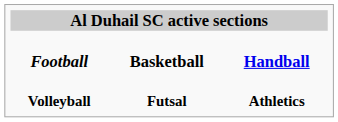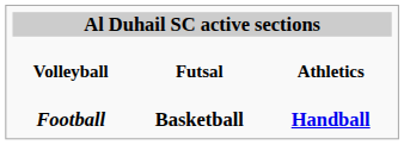 <table class="infobox" style="width: 20em; font-size: 95%em;align: center">
 <tr bgcolor="#cccccc" style="text-align: center">
 <th colspan="3">Al Duhail SC active sections</th>
+</tr>
+<tr style="font-size: 90%; text-align: center">
+<td><br><strong>Volleyball</strong></td>
+<td><br><strong>Futsal</strong></td>
+<td><br><strong>Athletics</strong></td>
 </tr>
 <tr style="text-align: center">
 <td><br><strong><em>Football</em></strong></td>
 <td><br><strong>Basketball</strong></td>
 <td><br><strong><a href='#'>Handball</a></strong></td>
 </tr>
-<tr style="font-size: 90%; text-align: center">
-<td><br><strong>Volleyball</strong></td>
-<td><br><strong>Futsal</strong></td>
-<td><br><strong>Athletics</strong></td>
-</tr>
 </table>
